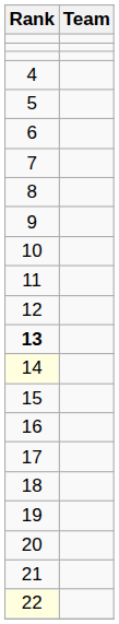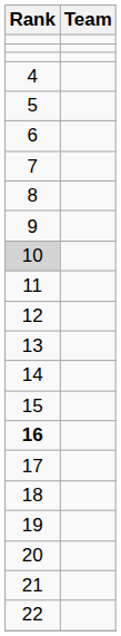 <table class="wikitable">
 <tr>
 <th>Rank</th>
 <th>Team</th>
 </tr>
 <tr>
 <td align=center></td>
 <td></td>
 </tr>
 <tr>
 <td align=center></td>
 <td></td>
 </tr>
 <tr>
 <td align=center></td>
 <td></td>
 </tr>
 <tr>
 <td align=center>4</td>
 <td></td>
 </tr>
 <tr>
 <td align=center>5</td>
 <td></td>
 </tr>
 <tr>
 <td align=center>6</td>
 <td></td>
 </tr>
 <tr>
 <td align=center>7</td>
 <td></td>
 </tr>
 <tr>
 <td align=center>8</td>
 <td></td>
 </tr>
 <tr>
 <td align=center>9</td>
 <td></td>
 </tr>
 <tr>
-<td align=center>10</td>
+<td align=center style="background: lightgrey;">10</td>
 <td></td>
 </tr>
 <tr>
 <td align=center>11</td>
 <td></td>
 </tr>
 <tr>
 <td align=center>12</td>
 <td></td>
 </tr>
 <tr>
-<td align=center><strong>13</strong></td>
+<td align=center>13</td>
 <td></td>
 </tr>
 <tr>
-<td align=center style="background: lightyellow;">14</td>
+<td align=center>14</td>
 <td></td>
 </tr>
 <tr>
 <td align=center>15</td>
 <td></td>
 </tr>
 <tr>
-<td align=center>16</td>
+<td align=center><strong>16</strong></td>
 <td></td>
 </tr>
 <tr>
 <td align=center>17</td>
 <td></td>
 </tr>
 <tr>
 <td align=center>18</td>
 <td></td>
 </tr>
 <tr>
 <td align=center>19</td>
 <td></td>
 </tr>
 <tr>
 <td align=center>20</td>
 <td></td>
 </tr>
 <tr>
 <td align=center>21</td>
 <td></td>
 </tr>
 <tr>
-<td align=center style="background: lightyellow;">22</td>
+<td align=center>22</td>
 <td></td>
 </tr>
 <tr>
 </tr>
 </table>
